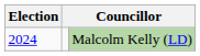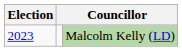 <table class="wikitable">
 <tr>
 <th>Election</th>
 <th colspan="2">Councillor</th>
 </tr>
 <tr>
-<td><a href='#'>2024</a></td>
+<td><a href='#'>2023</a></td>
 <td style="background-color: "></td>
 <td bgcolor="#B6D7A8">Malcolm Kelly (<a href='#'>LD</a>)</td>
 </tr>
 </table>
